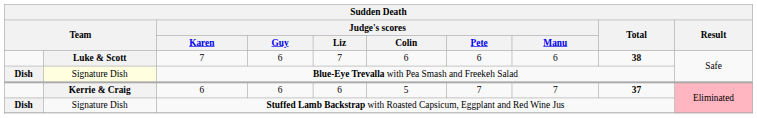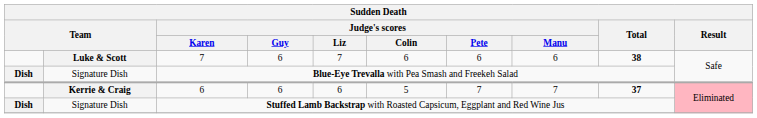 <table class="wikitable plainrowheaders" style="margin:1em auto; text-align:center; font-size:90%; width:80em;">
 <tr>
 <th colspan="10" >Sudden Death</th>
 </tr>
 <tr>
 <th rowspan="2" colspan="2">Team</th>
 <th colspan="6">Judge's scores</th>
 <th rowspan="2">Total<br></th>
 <th rowspan="2">Result</th>
 </tr>
 <tr>
 <th><a href='#'>Karen</a></th>
 <th><a href='#'>Guy</a></th>
 <th>Liz</th>
 <th>Colin</th>
 <th><a href='#'>Pete</a></th>
 <th><a href='#'>Manu</a></th>
 </tr>
 <tr>
 <td></td>
 <th>Luke & Scott</th>
 <td>7</td>
 <td>6</td>
 <td>7</td>
 <td>6</td>
 <td>6</td>
 <td>6</td>
 <td><strong>38</strong></td>
 <td rowspan="2">Safe</td>
 </tr>
 <tr>
 <th>Dish</th>
-<td style="background: lightyellow;">Signature Dish</td>
+<td>Signature Dish</td>
 <td colspan="7"><strong>Blue-Eye Trevalla</strong> with Pea Smash and Freekeh Salad</td>
 </tr>
 <tr style="border-top:3px solid #aaa;">
 </tr>
 <tr>
 <td></td>
 <th>Kerrie & Craig</th>
 <td>6</td>
 <td>6</td>
 <td>6</td>
 <td>5</td>
 <td>7</td>
 <td>7</td>
 <td><strong>37</strong></td>
 <td rowspan="2" style="background:lightpink">Eliminated</td>
 </tr>
 <tr>
 <th>Dish</th>
 <td>Signature Dish</td>
 <td colspan="7"><strong>Stuffed Lamb Backstrap</strong> with Roasted Capsicum, Eggplant and Red Wine Jus</td>
 </tr>
 <tr>
 </tr>
 </table>
